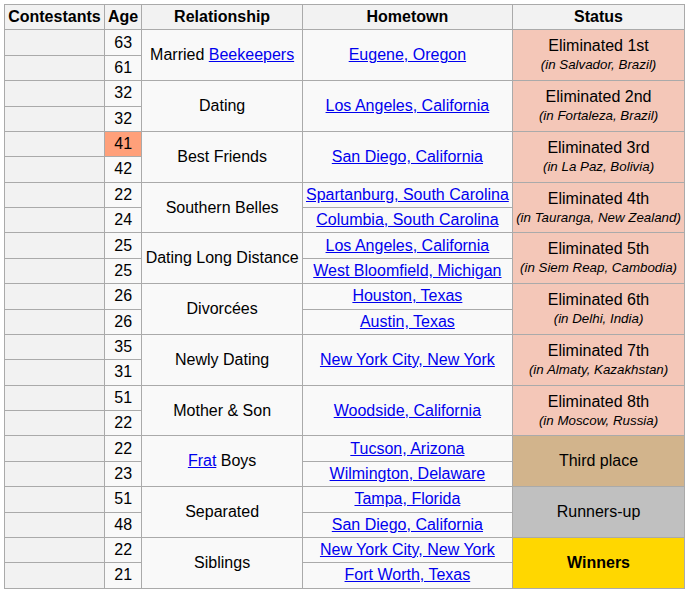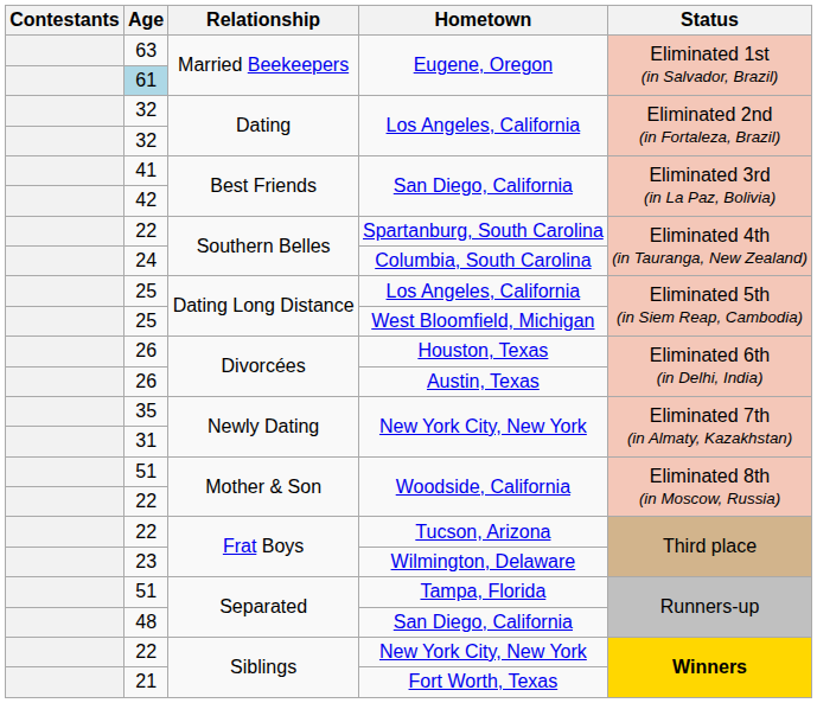 <table class="wikitable sortable" style="text-align:center;">
 <tr>
 <th scope="col">Contestants</th>
 <th scope="col">Age</th>
 <th scope="col" class="unsortable">Relationship</th>
 <th class="unsortable" scope="col">Hometown</th>
 <th scope="col">Status</th>
 </tr>
 <tr>
 <th scope="row"></th>
 <td>63</td>
 <td rowspan="2">Married <a href='#'>Beekeepers</a></td>
 <td rowspan="2"><a href='#'>Eugene, Oregon</a></td>
 <td rowspan="2" bgcolor="f4c7b8">Eliminated 1st<br><small><em>(in Salvador, Brazil)</em></small></td>
 </tr>
 <tr>
 <th scope="row"></th>
-<td>61</td>
+<td style="background: lightblue;">61</td>
 </tr>
 <tr>
 <th scope="row"></th>
 <td>32</td>
 <td rowspan="2">Dating</td>
 <td rowspan="2"><a href='#'>Los Angeles, California</a></td>
 <td rowspan="2" bgcolor="f4c7b8">Eliminated 2nd<br><small><em>(in Fortaleza, Brazil)</em></small></td>
 </tr>
 <tr>
 <th scope="row"></th>
 <td>32</td>
 </tr>
 <tr>
 <th scope="row"></th>
-<td style="background: lightsalmon;">41</td>
+<td>41</td>
 <td rowspan="2">Best Friends</td>
 <td rowspan="2"><a href='#'>San Diego, California</a></td>
 <td rowspan="2" bgcolor="f4c7b8">Eliminated 3rd<br><small><em>(in La Paz, Bolivia)</em></small></td>
 </tr>
 <tr>
 <th scope="row"></th>
 <td>42</td>
 </tr>
 <tr>
 <th scope="row"></th>
 <td>22</td>
 <td rowspan="2">Southern Belles</td>
 <td><a href='#'>Spartanburg, South Carolina</a></td>
 <td rowspan="2" bgcolor="f4c7b8">Eliminated 4th<br><small><em>(in Tauranga, New Zealand)</em></small></td>
 </tr>
 <tr>
 <th scope="row"></th>
 <td>24</td>
 <td><a href='#'>Columbia, South Carolina</a></td>
 </tr>
 <tr>
 <th scope="row"></th>
 <td>25</td>
 <td rowspan="2">Dating Long Distance</td>
 <td><a href='#'>Los Angeles, California</a></td>
 <td rowspan="2" bgcolor="f4c7b8">Eliminated 5th<br><small><em>(in Siem Reap, Cambodia)</em></small></td>
 </tr>
 <tr>
 <th scope="row"></th>
 <td>25</td>
 <td><a href='#'>West Bloomfield, Michigan</a></td>
 </tr>
 <tr>
 <th scope="row"></th>
 <td>26</td>
 <td rowspan="2">Divorcées</td>
 <td><a href='#'>Houston, Texas</a></td>
 <td rowspan="2" bgcolor="f4c7b8">Eliminated 6th<br><small><em>(in Delhi, India)</em></small></td>
 </tr>
 <tr>
 <th scope="row"></th>
 <td>26</td>
 <td><a href='#'>Austin, Texas</a></td>
 </tr>
 <tr>
 <th scope="row"></th>
 <td>35</td>
 <td rowspan="2">Newly Dating</td>
 <td rowspan="2"><a href='#'>New York City, New York</a></td>
 <td rowspan="2" bgcolor="f4c7b8">Eliminated 7th<br><small><em>(in Almaty, Kazakhstan)</em></small></td>
 </tr>
 <tr>
 <th scope="row"></th>
 <td>31</td>
 </tr>
 <tr>
 <th scope="row"></th>
 <td>51</td>
 <td rowspan="2">Mother & Son</td>
 <td rowspan="2"><a href='#'>Woodside, California</a></td>
 <td rowspan="2" bgcolor="f4c7b8">Eliminated 8th<br><small><em>(in Moscow, Russia)</em></small></td>
 </tr>
 <tr>
 <th scope="row"></th>
 <td>22</td>
 </tr>
 <tr>
 <th scope="row"></th>
 <td>22</td>
 <td rowspan="2"><a href='#'>Frat</a> Boys</td>
 <td><a href='#'>Tucson, Arizona</a></td>
 <td rowspan="2" bgcolor="tan">Third place</td>
 </tr>
 <tr>
 <th scope="row"></th>
 <td>23</td>
 <td><a href='#'>Wilmington, Delaware</a></td>
 </tr>
 <tr>
 <th scope="row"></th>
 <td>51</td>
 <td rowspan="2">Separated</td>
 <td><a href='#'>Tampa, Florida</a></td>
 <td rowspan="2" bgcolor="silver">Runners-up</td>
 </tr>
 <tr>
 <th scope="row"></th>
 <td>48</td>
 <td><a href='#'>San Diego, California</a></td>
 </tr>
 <tr>
 <th scope="row"></th>
 <td>22</td>
 <td rowspan="2">Siblings</td>
 <td><a href='#'>New York City, New York</a></td>
 <td rowspan="2" bgcolor="gold"><strong>Winners</strong></td>
 </tr>
 <tr>
 <th scope="row"></th>
 <td>21</td>
 <td><a href='#'>Fort Worth, Texas</a></td>
 </tr>
 </table>
